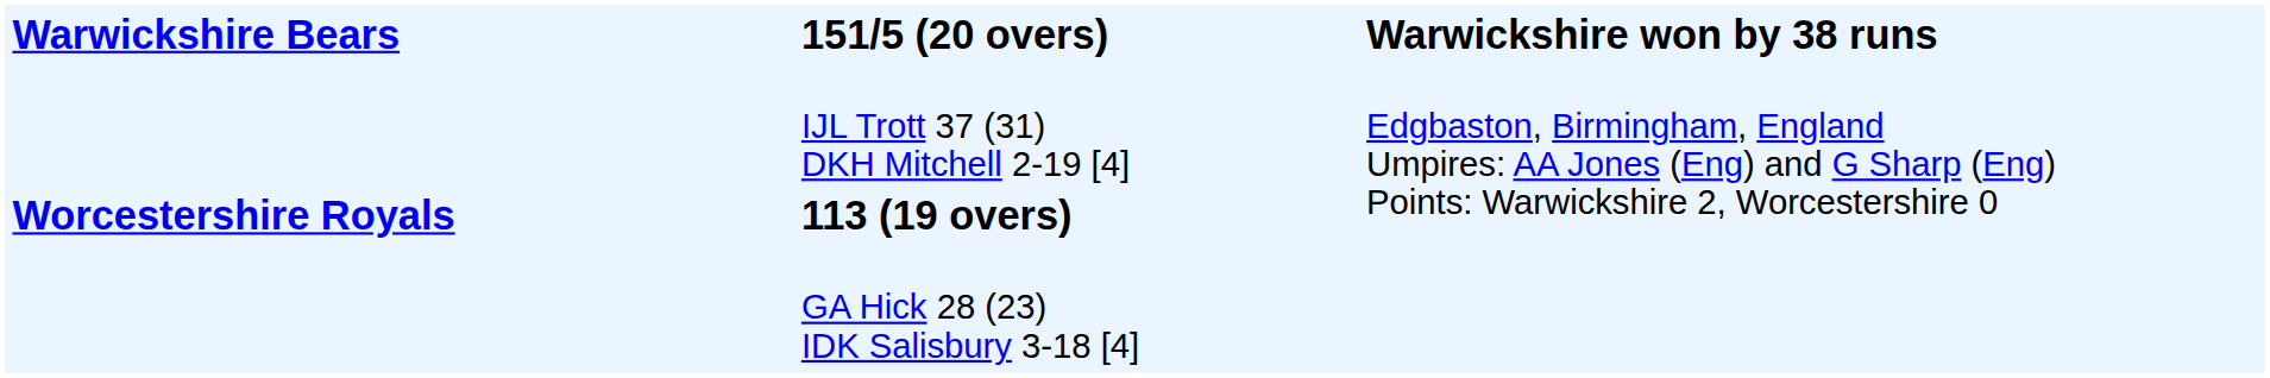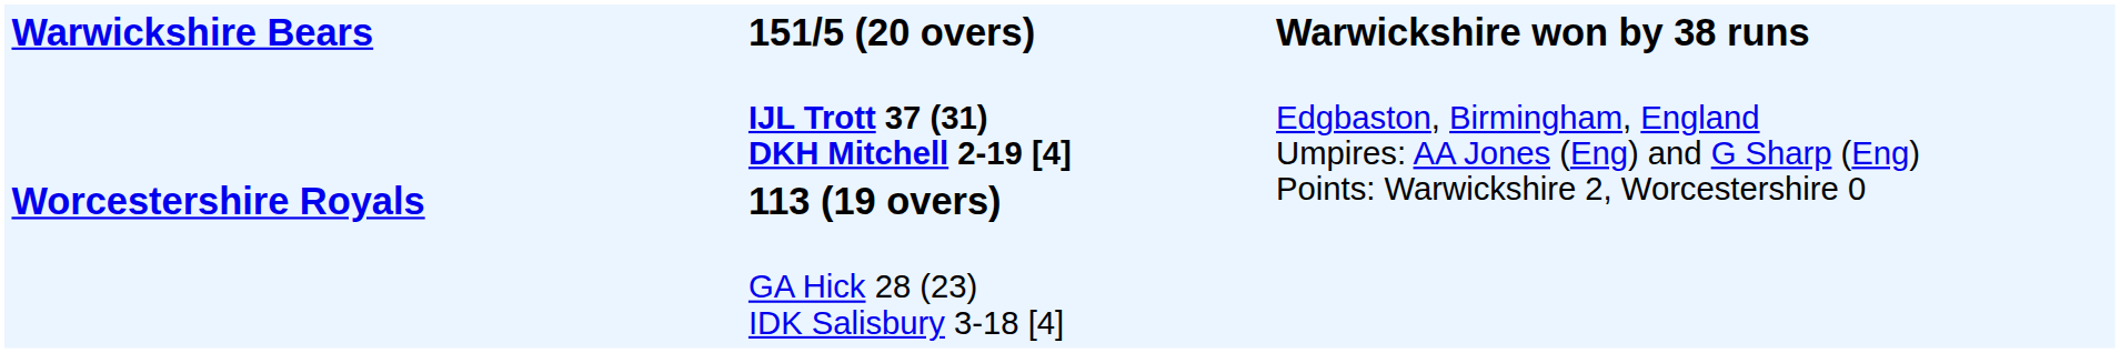 <table style="width:100%; background:#ebf5ff;">
 <tr>
 <td style="width:35%; vertical-align:top;" rowspan="2"><strong><a href='#'>Warwickshire Bears</a></strong></td>
 <td style="width:25%;"><strong>151/5 (20 overs)</strong></td>
 <td style="width:40%;"><strong>Warwickshire won by 38 runs</strong></td>
 </tr>
 <tr>
-<td style="font-size: 85%;"><br><a href='#'>IJL Trott</a> 37 (31)<br> <a href='#'>DKH Mitchell</a> 2-19 [4]</td>
+<td style="font-size: 85%;"><strong><br><a href='#'>IJL Trott</a> 37 (31)<br> <a href='#'>DKH Mitchell</a> 2-19 [4]</strong></td>
 <td style="vertical-align:top; font-size:85%;" rowspan="3"><br><a href='#'>Edgbaston</a>, <a href='#'>Birmingham</a>, <a href='#'>England</a><br> Umpires: <a href='#'>AA Jones</a> (<a href='#'>Eng</a>) and <a href='#'>G Sharp</a> (<a href='#'>Eng</a>)<br> Points: Warwickshire 2, Worcestershire 0</td>
 </tr>
 <tr>
 <td style="vertical-align:top;" rowspan="2"><strong><a href='#'>Worcestershire Royals</a></strong></td>
 <td><strong>113 (19 overs)</strong></td>
 </tr>
 <tr>
 <td style="font-size: 85%;"><br><a href='#'>GA Hick</a> 28 (23)<br> <a href='#'>IDK Salisbury</a> 3-18 [4]</td>
 </tr>
 </table>
